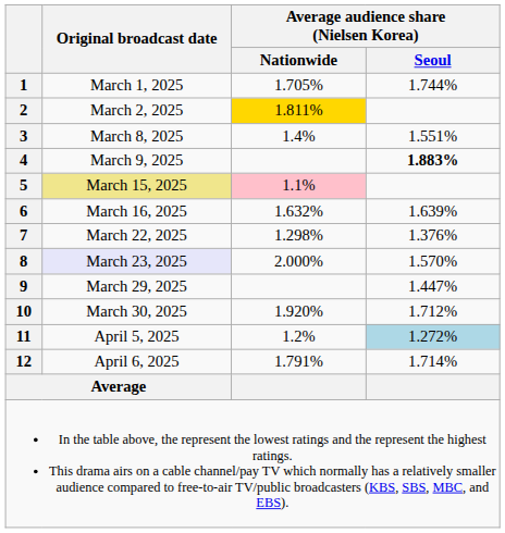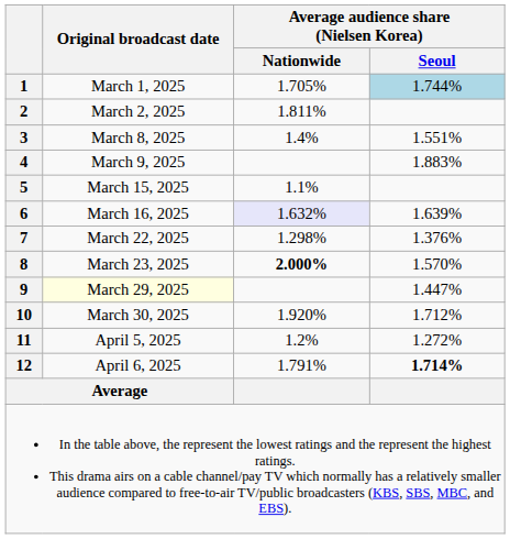 <table class="wikitable" style="margin-left:auto; margin-right:auto; width:500px; text-align:center">
 <tr>
 <th scope="col" rowspan="2"></th>
 <th scope="col" rowspan="2">Original broadcast date</th>
 <th scope="col" colspan="2">Average audience share<br>(Nielsen Korea)</th>
 </tr>
 <tr>
 <th scope="col" style="width:8em">Nationwide</th>
 <th scope="col" style="width:8em"><a href='#'>Seoul</a></th>
 </tr>
 <tr>
 <th scope="col">1</th>
 <td>March 1, 2025</td>
 <td>1.705% </td>
-<td>1.744% </td>
+<td style="background: lightblue;">1.744% </td>
 </tr>
 <tr>
 <th scope="col">2</th>
 <td>March 2, 2025</td>
-<td style="background: gold;">1.811% </td>
+<td>1.811% </td>
 <td><strong></strong> </td>
 </tr>
 <tr>
 <th scope="col">3</th>
 <td>March 8, 2025</td>
 <td>1.4% </td>
 <td>1.551% </td>
 </tr>
 <tr>
 <th scope="col">4</th>
 <td>March 9, 2025</td>
 <td><strong></strong> </td>
-<td><strong>1.883% </strong></td>
+<td>1.883% </td>
 </tr>
 <tr>
 <th scope="col">5</th>
-<td style="background: khaki;">March 15, 2025</td>
-<td style="background: pink;">1.1% </td>
+<td>March 15, 2025</td>
+<td>1.1% </td>
 <td><strong></strong> </td>
 </tr>
 <tr>
 <th scope="col">6</th>
 <td>March 16, 2025</td>
-<td>1.632% </td>
+<td style="background: lavender;">1.632% </td>
 <td>1.639% </td>
 </tr>
 <tr>
 <th scope="col">7</th>
 <td>March 22, 2025</td>
 <td>1.298% </td>
 <td>1.376% </td>
 </tr>
 <tr>
 <th scope="col">8</th>
-<td style="background: lavender;">March 23, 2025</td>
-<td>2.000% </td>
+<td>March 23, 2025</td>
+<td><strong>2.000% </strong></td>
 <td>1.570% </td>
 </tr>
 <tr>
 <th scope="col">9</th>
-<td>March 29, 2025</td>
+<td style="background: lightyellow;">March 29, 2025</td>
 <td><strong></strong> </td>
 <td>1.447% </td>
 </tr>
 <tr>
 <th scope="col">10</th>
 <td>March 30, 2025</td>
 <td>1.920% </td>
 <td>1.712% </td>
 </tr>
 <tr>
 <th scope="col">11</th>
 <td>April 5, 2025</td>
 <td>1.2% </td>
-<td style="background: lightblue;">1.272% </td>
+<td>1.272% </td>
 </tr>
 <tr>
 <th scope="col">12</th>
 <td>April 6, 2025</td>
 <td>1.791% </td>
-<td>1.714% </td>
+<td><strong>1.714% </strong></td>
 </tr>
 <tr>
 <th scope="col" colspan="2">Average</th>
 <th scope="col"></th>
 <th scope="col"></th>
 </tr>
 <tr>
 <td colspan="4" style="font-size:85%"><br><ul><li>In the table above, the <strong></strong> represent the lowest ratings and the <strong></strong> represent the highest ratings.</li><li>This drama airs on a cable channel/pay TV which normally has a relatively smaller audience compared to free-to-air TV/public broadcasters (<a href='#'>KBS</a>, <a href='#'>SBS</a>, <a href='#'>MBC</a>, and <a href='#'>EBS</a>).</li></ul></td>
 </tr>
 </table>
